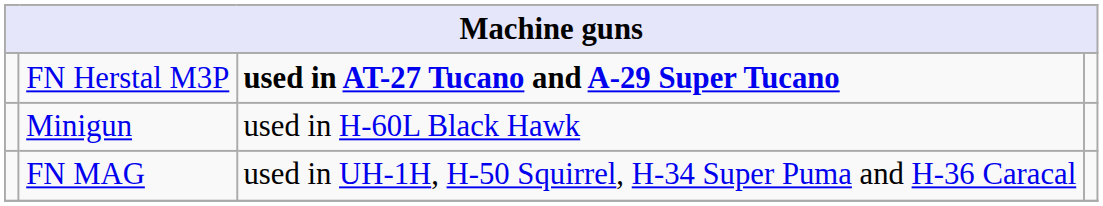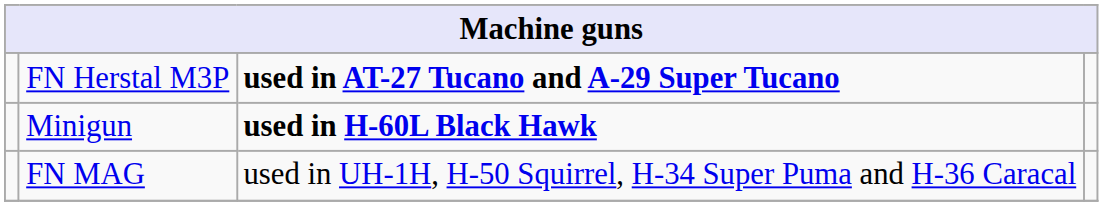 <table class="wikitable">
 <tr>
 <th style="align: center; background: lavender;" colspan="8"><strong>Machine guns</strong></th>
 </tr>
 <tr>
 <td></td>
 <td><a href='#'>FN Herstal M3P</a></td>
 <td><strong>used in <a href='#'>AT-27 Tucano</a> and <a href='#'>A-29 Super Tucano</a></strong></td>
 <td></td>
 </tr>
 <tr>
 <td></td>
 <td><a href='#'>Minigun</a></td>
-<td>used in <a href='#'>H-60L Black Hawk</a></td>
+<td><strong>used in <a href='#'>H-60L Black Hawk</a></strong></td>
 <td></td>
 </tr>
 <tr>
 <td></td>
 <td><a href='#'>FN MAG</a></td>
 <td>used in <a href='#'>UH-1H</a>, <a href='#'>H-50 Squirrel</a>, <a href='#'>H-34 Super Puma</a> and <a href='#'>H-36 Caracal</a></td>
 <td></td>
 </tr>
 <tr>
 </tr>
 </table>
